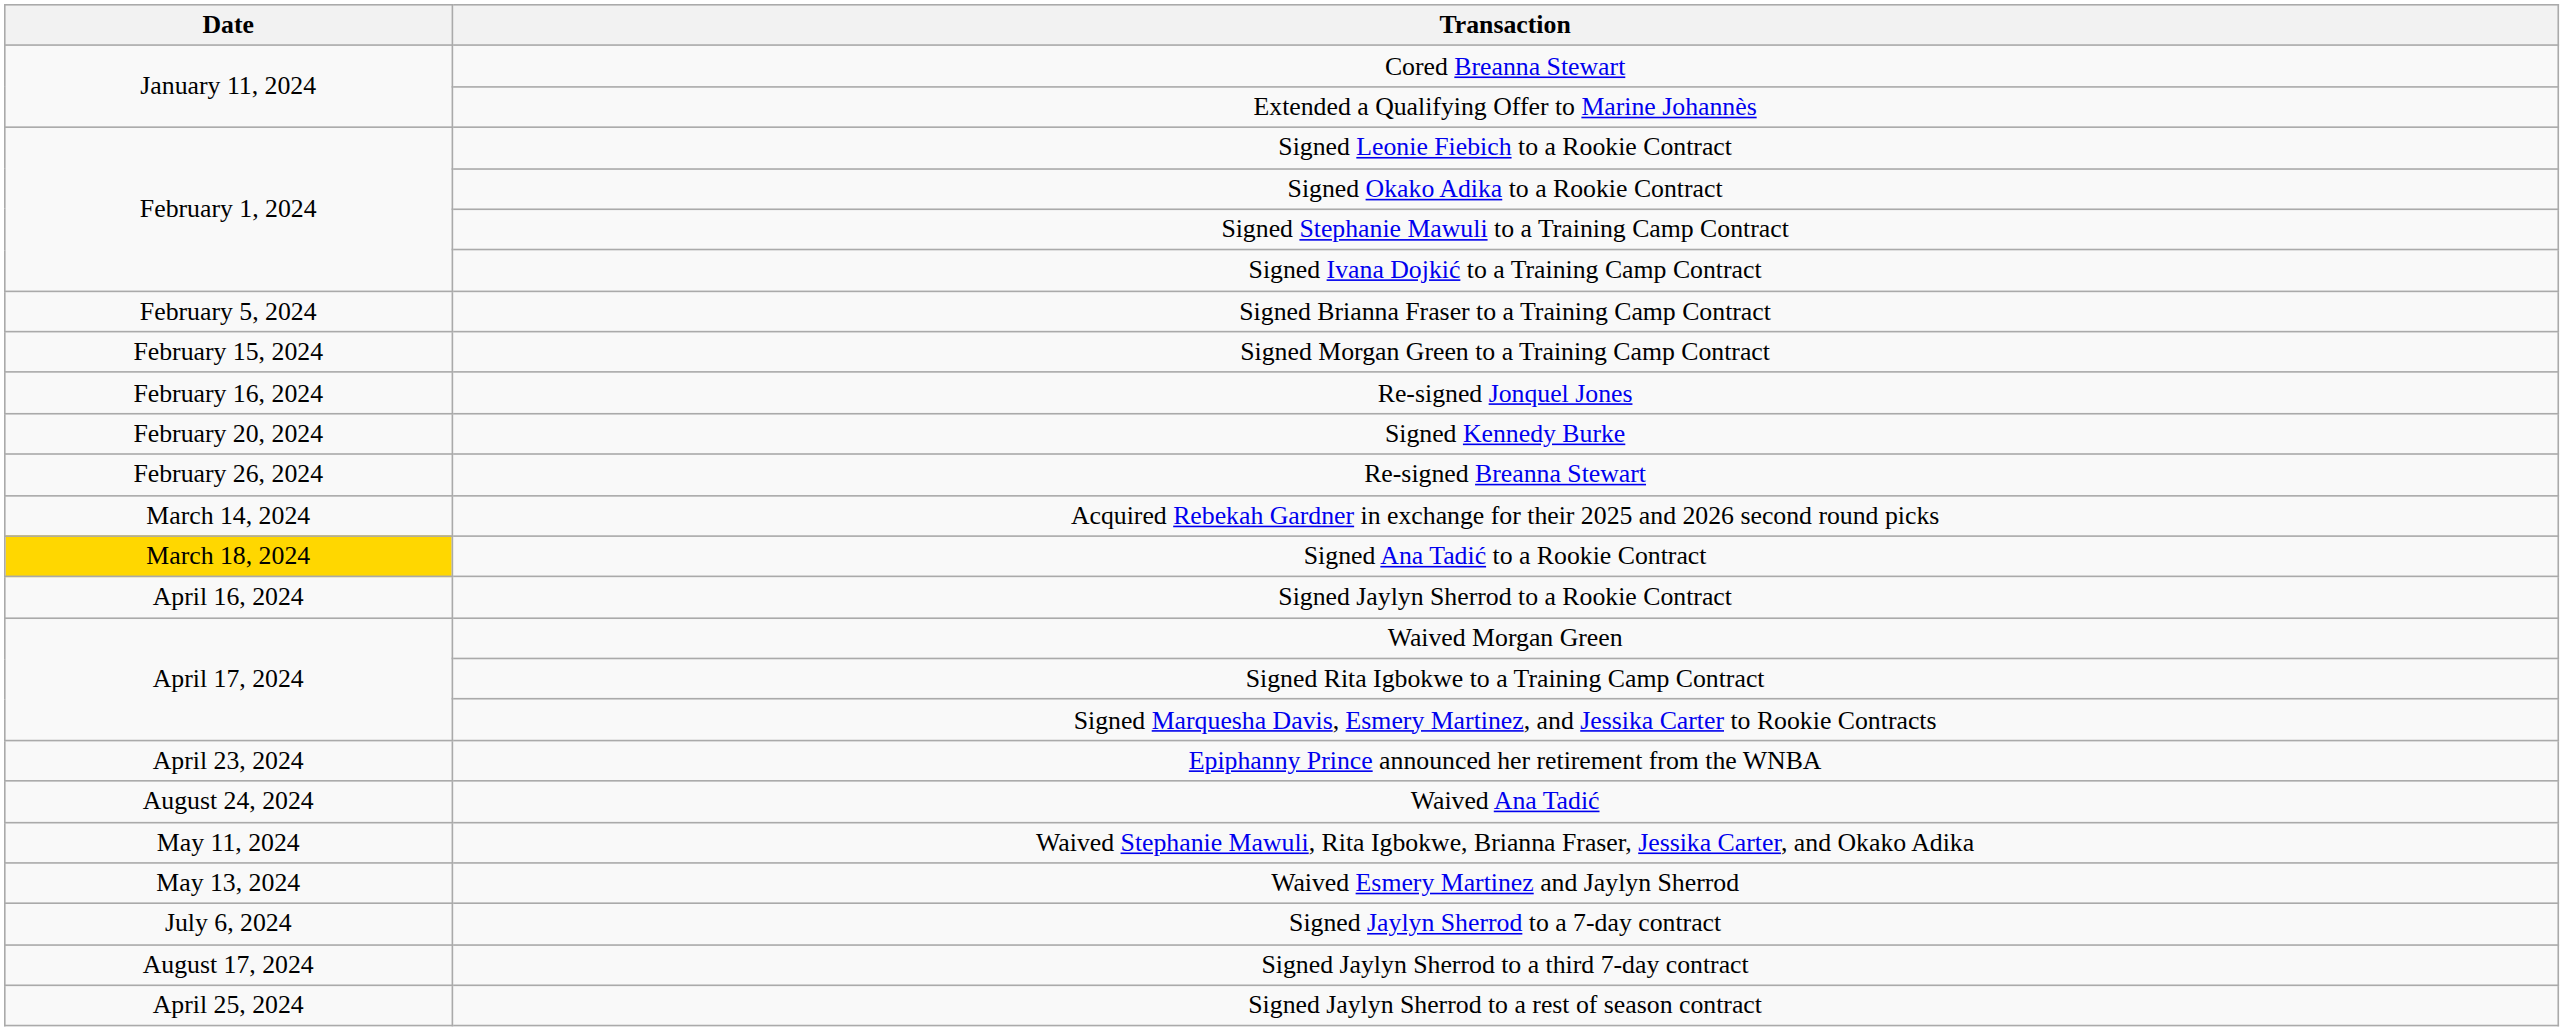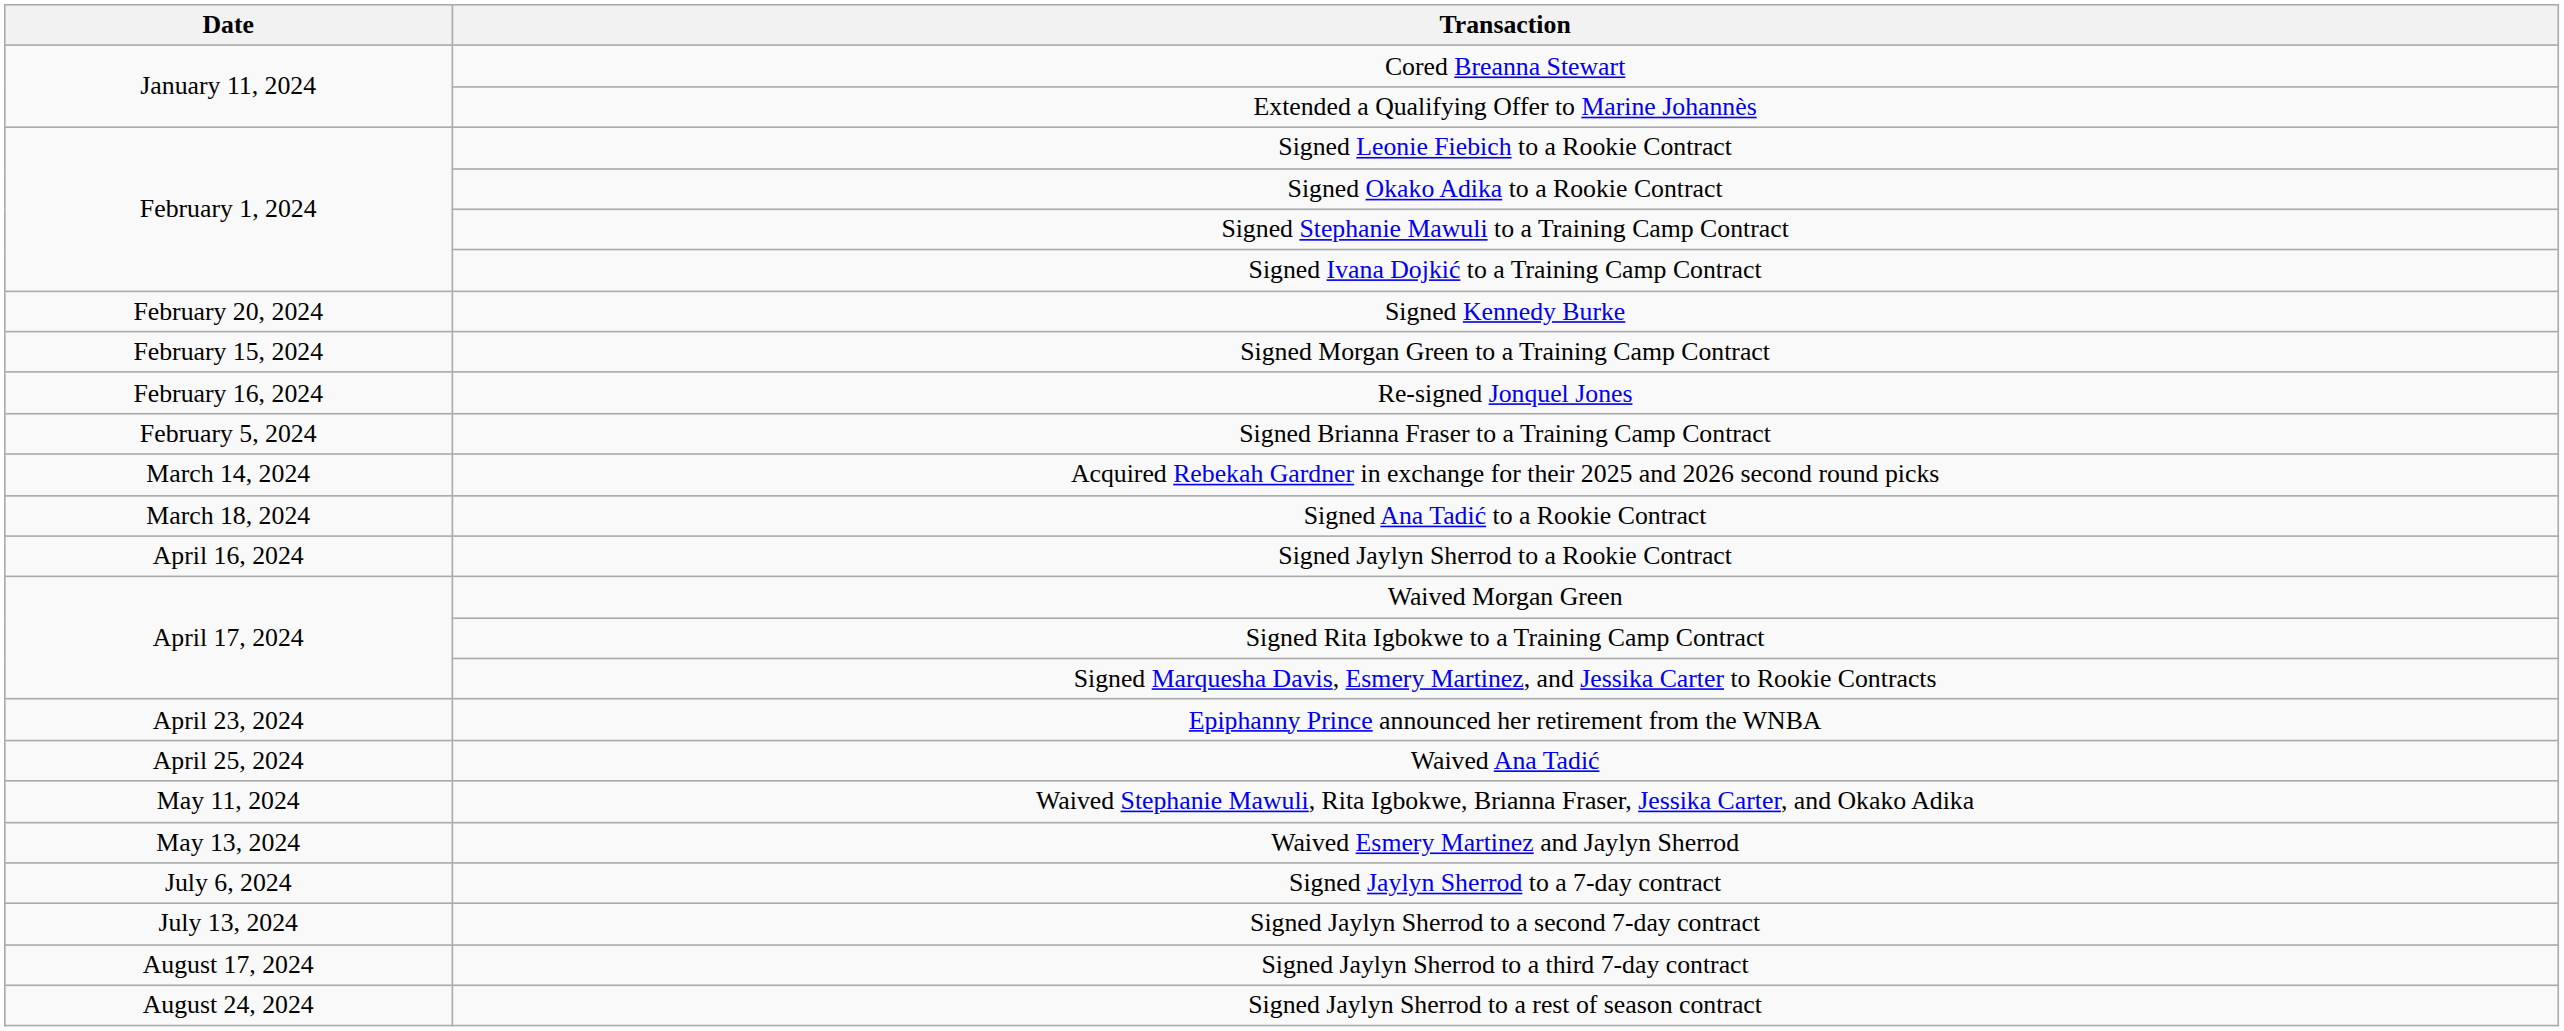 <table class="wikitable" style="width:80%; text-align:center">
 <tr>
 <th>Date</th>
 <th>Transaction</th>
 </tr>
 <tr>
 <td rowspan=2>January 11, 2024</td>
 <td>Cored <a href='#'>Breanna Stewart</a></td>
 </tr>
 <tr>
 <td>Extended a Qualifying Offer to <a href='#'>Marine Johannès</a></td>
 </tr>
 <tr>
 <td rowspan=4>February 1, 2024</td>
 <td>Signed <a href='#'>Leonie Fiebich</a> to a Rookie Contract</td>
 </tr>
 <tr>
 <td>Signed <a href='#'>Okako Adika</a> to a Rookie Contract</td>
 </tr>
 <tr>
 <td>Signed <a href='#'>Stephanie Mawuli</a> to a Training Camp Contract</td>
 </tr>
 <tr>
 <td>Signed <a href='#'>Ivana Dojkić</a> to a Training Camp Contract</td>
 </tr>
 <tr>
-<td>February 5, 2024</td>
-<td>Signed Brianna Fraser to a Training Camp Contract</td>
+<td>February 20, 2024</td>
+<td>Signed <a href='#'>Kennedy Burke</a></td>
 </tr>
 <tr>
 <td>February 15, 2024</td>
 <td>Signed Morgan Green to a Training Camp Contract</td>
 </tr>
 <tr>
 <td>February 16, 2024</td>
 <td>Re-signed <a href='#'>Jonquel Jones</a></td>
 </tr>
 <tr>
-<td>February 20, 2024</td>
-<td>Signed <a href='#'>Kennedy Burke</a></td>
-</tr>
-<tr>
-<td>February 26, 2024</td>
-<td>Re-signed <a href='#'>Breanna Stewart</a></td>
+<td>February 5, 2024</td>
+<td>Signed Brianna Fraser to a Training Camp Contract</td>
 </tr>
 <tr>
 <td>March 14, 2024</td>
 <td>Acquired <a href='#'>Rebekah Gardner</a> in exchange for their 2025 and 2026 second round picks</td>
 </tr>
 <tr>
-<td style="background: gold;">March 18, 2024</td>
+<td>March 18, 2024</td>
 <td>Signed <a href='#'>Ana Tadić</a> to a Rookie Contract</td>
 </tr>
 <tr>
 <td>April 16, 2024</td>
 <td>Signed Jaylyn Sherrod to a Rookie Contract</td>
 </tr>
 <tr>
 <td rowspan="3">April 17, 2024</td>
 <td>Waived Morgan Green</td>
 </tr>
 <tr>
 <td>Signed Rita Igbokwe to a Training Camp Contract</td>
 </tr>
 <tr>
 <td>Signed <a href='#'>Marquesha Davis</a>, <a href='#'>Esmery Martinez</a>, and <a href='#'>Jessika Carter</a> to Rookie Contracts</td>
 </tr>
 <tr>
 <td>April 23, 2024</td>
 <td><a href='#'>Epiphanny Prince</a> announced her retirement from the WNBA</td>
 </tr>
 <tr>
-<td>August 24, 2024</td>
+<td>April 25, 2024</td>
 <td>Waived <a href='#'>Ana Tadić</a></td>
 </tr>
 <tr>
 <td>May 11, 2024</td>
 <td>Waived <a href='#'>Stephanie Mawuli</a>, Rita Igbokwe, Brianna Fraser, <a href='#'>Jessika Carter</a>, and Okako Adika</td>
 </tr>
 <tr>
 <td>May 13, 2024</td>
 <td>Waived <a href='#'>Esmery Martinez</a> and Jaylyn Sherrod</td>
 </tr>
 <tr>
 <td>July 6, 2024</td>
 <td>Signed <a href='#'>Jaylyn Sherrod</a> to a 7-day contract</td>
 </tr>
 <tr>
+<td>July 13, 2024</td>
+<td>Signed Jaylyn Sherrod to a second 7-day contract</td>
+</tr>
+<tr>
 <td>August 17, 2024</td>
 <td>Signed Jaylyn Sherrod to a third 7-day contract</td>
 </tr>
 <tr>
-<td>April 25, 2024</td>
+<td>August 24, 2024</td>
 <td>Signed Jaylyn Sherrod to a rest of season contract</td>
 </tr>
 </table>
